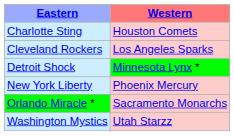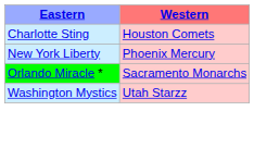 <table class="wikitable">
 <tr>
 <th style="background-color: #9AF;"><a href='#'>Eastern</a></th>
 <th style="background-color: #F77;"><a href='#'>Western</a></th>
 </tr>
 <tr>
 <td style="background-color: #CEF;"><a href='#'>Charlotte Sting</a></td>
 <td style="background-color: #FCC;"><a href='#'>Houston Comets</a></td>
-</tr>
-<tr>
-<td style="background-color: #CEF;"><a href='#'>Cleveland Rockers</a></td>
-<td style="background-color: #FCC;"><a href='#'>Los Angeles Sparks</a></td>
-</tr>
-<tr>
-<td style="background-color: #CEF;"><a href='#'>Detroit Shock</a></td>
-<td style="background-color: #0F0;"><a href='#'>Minnesota Lynx</a> *</td>
 </tr>
 <tr>
 <td style="background-color: #CEF;"><a href='#'>New York Liberty</a></td>
 <td style="background-color: #FCC;"><a href='#'>Phoenix Mercury</a></td>
 </tr>
 <tr>
 <td style="background-color: #0F0;"><a href='#'>Orlando Miracle</a> *</td>
 <td style="background-color: #FCC;"><a href='#'>Sacramento Monarchs</a></td>
 </tr>
 <tr>
 <td style="background-color: #CEF;"><a href='#'>Washington Mystics</a></td>
 <td style="background-color: #FCC;"><a href='#'>Utah Starzz</a></td>
 </tr>
 </table>
